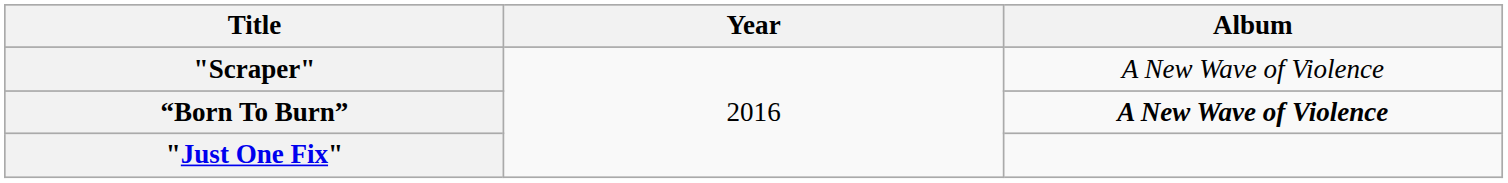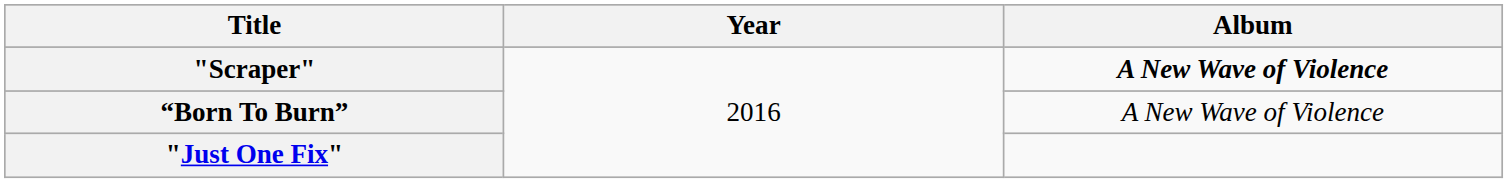 <table class="wikitable plainrowheaders" style="text-align:center;">
 <tr>
 <th scope="col" style="width:18em;">Title</th>
 <th scope="col" style="width:18em;">Year</th>
 <th scope="col" style="width:18em;">Album</th>
 </tr>
 <tr>
 <th scope="row">"Scraper"</th>
 <td rowspan="3">2016</td>
-<td><em>A New Wave of Violence</em></td>
+<td><strong><em>A New Wave of Violence</em></strong></td>
 </tr>
 <tr>
 <th scope="row">“Born To Burn”</th>
-<td><strong><em>A New Wave of Violence</em></strong></td>
+<td><em>A New Wave of Violence</em></td>
 </tr>
 <tr>
 <th scope="row">"<a href='#'>Just One Fix</a>"</th>
 <td></td>
 </tr>
 </table>
